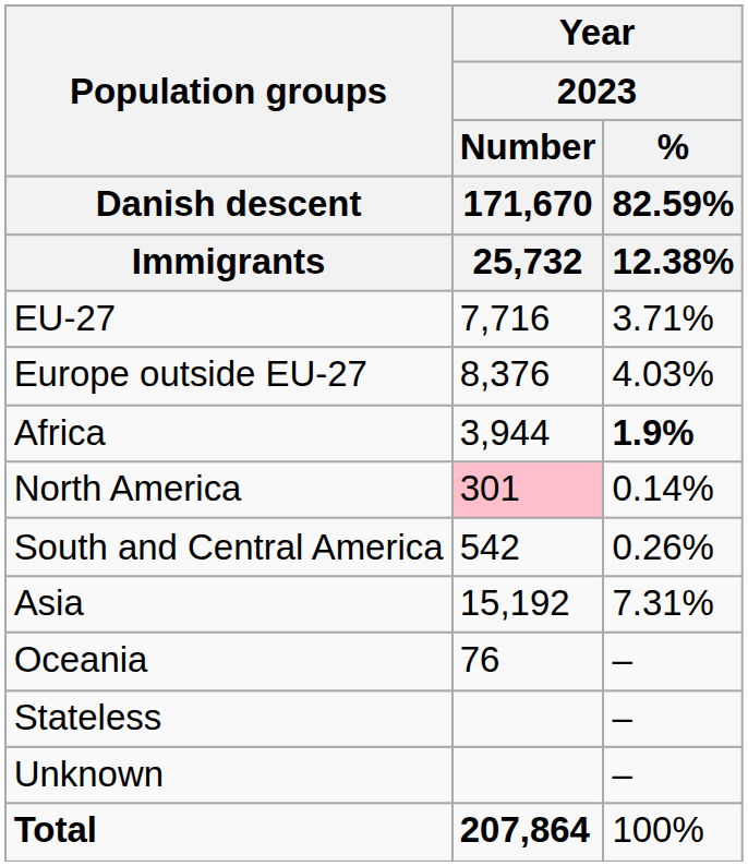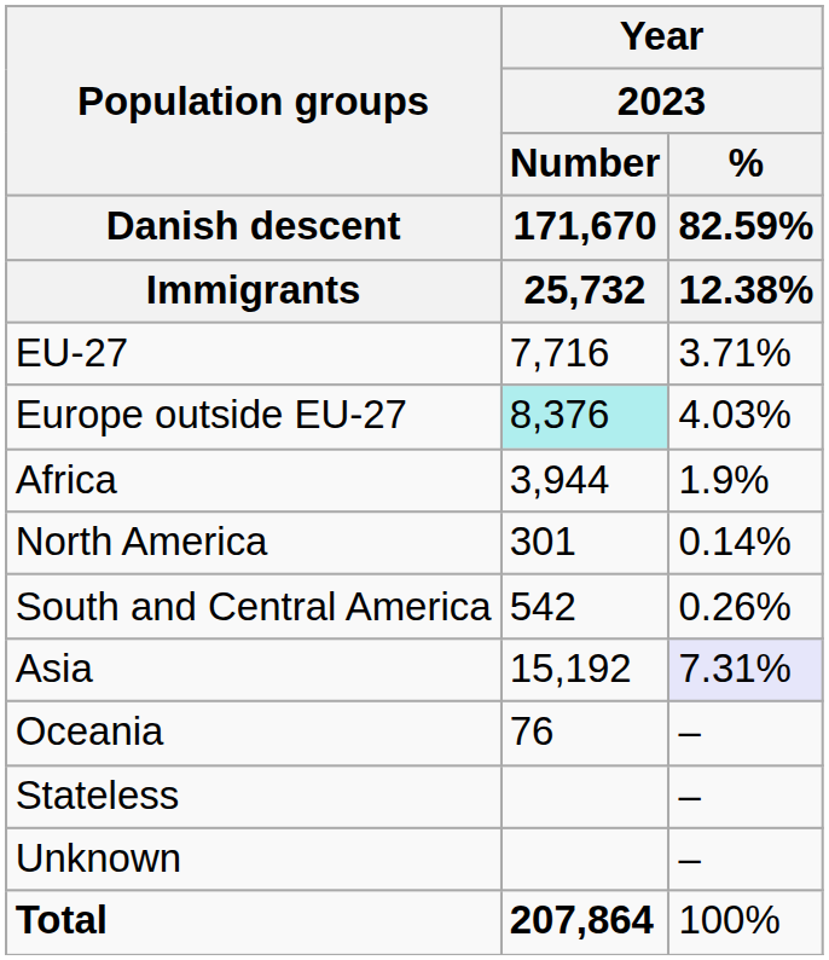 <table class="wikitable">
 <tr>
 <th rowspan="3">Population groups</th>
 <th colspan="2">Year</th>
 </tr>
 <tr>
 <th colspan="2">2023</th>
 </tr>
 <tr>
 <th>Number</th>
 <th>%</th>
 </tr>
 <tr>
 <th>Danish descent</th>
 <th>171,670</th>
 <th>82.59%</th>
 </tr>
 <tr>
 <th>Immigrants</th>
 <th>25,732</th>
 <th>12.38%</th>
 </tr>
 <tr>
 <td>EU-27</td>
 <td>7,716</td>
 <td>3.71%</td>
 </tr>
 <tr>
 <td>Europe outside EU-27</td>
-<td>8,376</td>
+<td style="background: paleturquoise;">8,376</td>
 <td>4.03%</td>
 </tr>
 <tr>
 <td>Africa</td>
 <td>3,944</td>
-<td><strong>1.9%</strong></td>
+<td>1.9%</td>
 </tr>
 <tr>
 <td>North America</td>
-<td style="background: pink;">301</td>
+<td>301</td>
 <td>0.14%</td>
 </tr>
 <tr>
 <td>South and Central America</td>
 <td>542</td>
 <td>0.26%</td>
 </tr>
 <tr>
 <td>Asia</td>
 <td>15,192</td>
-<td>7.31%</td>
+<td style="background: lavender;">7.31%</td>
 </tr>
 <tr>
 <td>Oceania</td>
 <td>76</td>
 <td>–</td>
 </tr>
 <tr>
 <td>Stateless</td>
 <td></td>
 <td>–</td>
 </tr>
 <tr>
 <td>Unknown</td>
 <td></td>
 <td>–</td>
 </tr>
 <tr>
 <td><strong>Total</strong></td>
 <td><strong>207,864</strong></td>
 <td>100%</td>
 </tr>
 </table>
